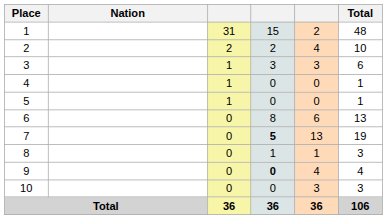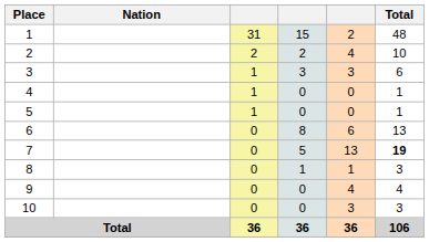 <table class=wikitable style="border:1px solid #AAAAAA;font-size:90%">
 <tr bgcolor="#EFEFEF">
 <th width=50>Place</th>
 <th width=200>Nation</th>
 <th width=50></th>
 <th width=50></th>
 <th width=50></th>
 <th width=50>Total</th>
 </tr>
 <tr align="center" valign="top" bgcolor="#FFFFFF">
 <td>1</td>
 <td align="left"></td>
 <td style="background:#F7F6A8;">31</td>
 <td style="background:#DCE5E5;">15</td>
 <td style="background:#FFDAB9;">2</td>
 <td>48</td>
 </tr>
 <tr align="center" valign="top" bgcolor="#FFFFFF">
 <td>2</td>
 <td align="left"></td>
 <td style="background:#F7F6A8;">2</td>
 <td style="background:#DCE5E5;">2</td>
 <td style="background:#FFDAB9;">4</td>
 <td>10</td>
 </tr>
 <tr align="center" valign="top" bgcolor="#FFFFFF">
 <td>3</td>
 <td align="left"></td>
 <td style="background:#F7F6A8;">1</td>
 <td style="background:#DCE5E5;">3</td>
 <td style="background:#FFDAB9;">3</td>
 <td>6</td>
 </tr>
 <tr align="center" valign="top" bgcolor="#FFFFFF">
 <td>4</td>
 <td align="left"></td>
 <td style="background:#F7F6A8;">1</td>
 <td style="background:#DCE5E5;">0</td>
 <td style="background:#FFDAB9;">0</td>
 <td>1</td>
 </tr>
 <tr align="center" valign="top" bgcolor="#FFFFFF">
 <td>5</td>
 <td align="left"></td>
 <td style="background:#F7F6A8;">1</td>
 <td style="background:#DCE5E5;">0</td>
 <td style="background:#FFDAB9;">0</td>
 <td>1</td>
 </tr>
 <tr align="center" valign="top" bgcolor="#FFFFFF">
 <td>6</td>
 <td align="left"></td>
 <td style="background:#F7F6A8;">0</td>
 <td style="background:#DCE5E5;">8</td>
 <td style="background:#FFDAB9;">6</td>
 <td>13</td>
 </tr>
 <tr align="center" valign="top" bgcolor="#FFFFFF">
 <td>7</td>
 <td align="left"></td>
 <td style="background:#F7F6A8;">0</td>
-<td style="background:#DCE5E5;"><strong>5</strong></td>
+<td style="background:#DCE5E5;">5</td>
 <td style="background:#FFDAB9;">13</td>
-<td>19</td>
+<td><strong>19</strong></td>
 </tr>
 <tr align="center" valign="top" bgcolor="#FFFFFF">
 <td>8</td>
 <td align="left"></td>
 <td style="background:#F7F6A8;">0</td>
 <td style="background:#DCE5E5;">1</td>
 <td style="background:#FFDAB9;">1</td>
 <td>3</td>
 </tr>
 <tr align="center" valign="top" bgcolor="#FFFFFF">
 <td>9</td>
 <td align="left"></td>
 <td style="background:#F7F6A8;">0</td>
-<td style="background:#DCE5E5;"><strong>0</strong></td>
+<td style="background:#DCE5E5;">0</td>
 <td style="background:#FFDAB9;">4</td>
 <td>4</td>
 </tr>
 <tr align="center" valign="top" bgcolor="#FFFFFF">
 <td>10</td>
 <td align="left"></td>
 <td style="background:#F7F6A8;">0</td>
 <td style="background:#DCE5E5;">0</td>
 <td style="background:#FFDAB9;">3</td>
 <td>3</td>
 </tr>
 <tr align="center">
 <td colspan="2" bgcolor=D3D3D3><strong>Total</strong></td>
 <td style="background:#F7F6A8;"><strong>36</strong></td>
 <td style="background:#DCE5E5;"><strong>36</strong></td>
 <td style="background:#FFDAB9;"><strong>36</strong></td>
 <td bgcolor=D3D3D3><strong>106</strong></td>
 </tr>
 </table>
